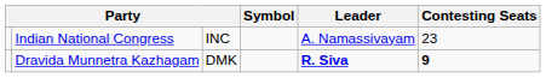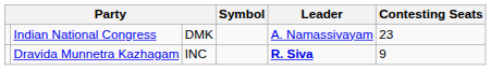 <table class="wikitable">
 <tr>
 <th colspan="3">Party</th>
 <th>Symbol</th>
 <th>Leader</th>
 <th>Contesting Seats</th>
 </tr>
 <tr>
 <td></td>
 <td><a href='#'>Indian National Congress</a></td>
-<td>INC</td>
+<td>DMK</td>
 <td></td>
 <td><a href='#'>A. Namassivayam</a></td>
 <td>23</td>
 </tr>
 <tr>
 <td></td>
 <td><a href='#'>Dravida Munnetra Kazhagam</a></td>
-<td>DMK</td>
+<td>INC</td>
 <td></td>
 <td><strong><a href='#'>R. Siva</a></strong></td>
-<td><strong>9</strong></td>
+<td>9</td>
 </tr>
 </table>
